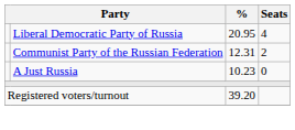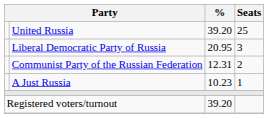 <table class="wikitable">
 <tr>
 <th colspan=2>Party</th>
 <th>%</th>
 <th>Seats</th>
 </tr>
 <tr>
 <td style="background:"></td>
+<td><a href='#'>United Russia</a></td>
+<td>39.20</td>
+<td>25</td>
+</tr>
+<tr>
+<td style="background:"></td>
 <td><a href='#'>Liberal Democratic Party of Russia</a></td>
 <td>20.95</td>
-<td>4</td>
+<td>3</td>
 </tr>
 <tr>
 <td style="background:"></td>
 <td><a href='#'>Communist Party of the Russian Federation</a></td>
 <td>12.31</td>
 <td>2</td>
 </tr>
 <tr>
 <td style="background:"></td>
 <td><a href='#'>A Just Russia</a></td>
 <td>10.23</td>
-<td>0</td>
+<td>1</td>
 </tr>
 <tr>
 <td colspan=4 style="background:#E9E9E9;"></td>
 </tr>
 <tr>
 <td align=left colspan=2>Registered voters/turnout</td>
 <td>39.20</td>
 <td></td>
 </tr>
 <tr>
 </tr>
 </table>
